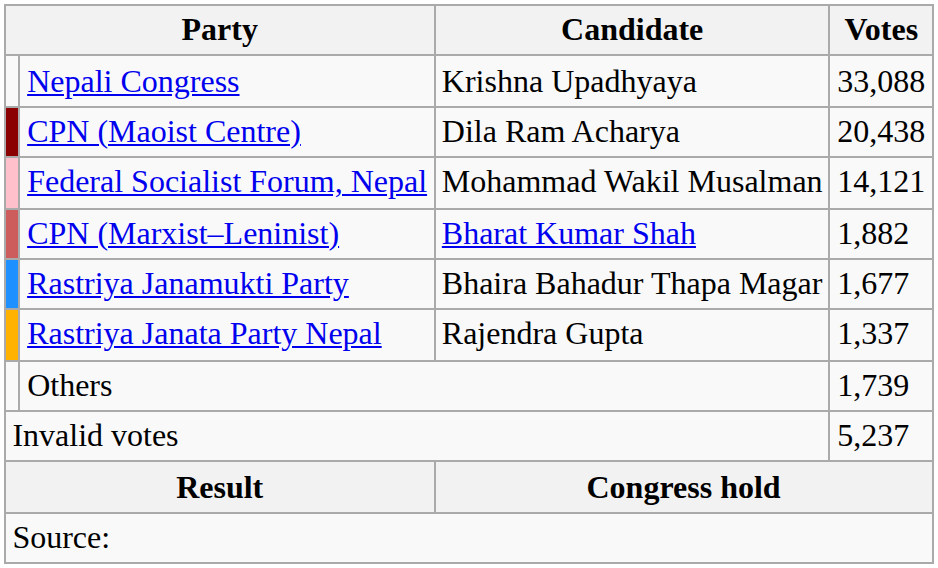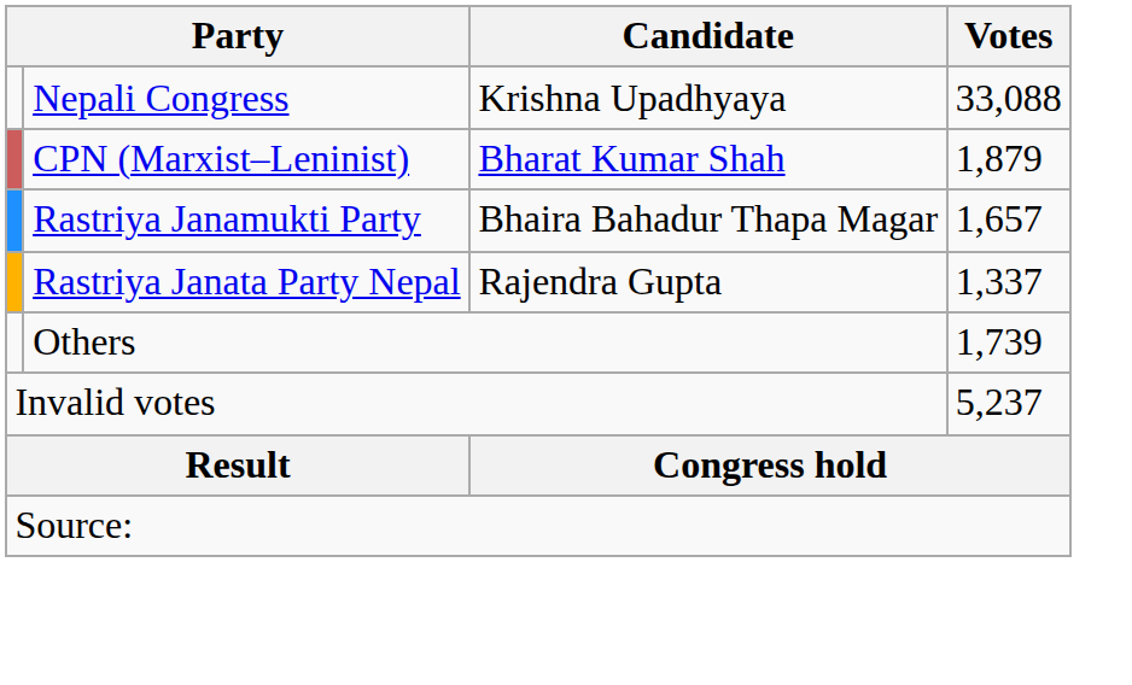 <table class="wikitable">
 <tr>
 <th colspan="2">Party</th>
 <th>Candidate</th>
 <th>Votes</th>
 </tr>
 <tr>
 <td style="background-color:"></td>
 <td><a href='#'>Nepali Congress</a></td>
 <td>Krishna Upadhyaya</td>
 <td>33,088</td>
 </tr>
 <tr>
-<td style="background-color:darkred"></td>
-<td><a href='#'>CPN (Maoist Centre)</a></td>
-<td>Dila Ram Acharya</td>
-<td>20,438</td>
-</tr>
-<tr>
-<td style="background-color:pink"></td>
-<td><a href='#'>Federal Socialist Forum, Nepal</a></td>
-<td>Mohammad Wakil Musalman</td>
-<td>14,121</td>
-</tr>
-<tr>
 <td style="background-color:indianred"></td>
 <td><a href='#'>CPN (Marxist–Leninist)</a></td>
 <td><a href='#'>Bharat Kumar Shah</a></td>
-<td>1,882</td>
+<td>1,879</td>
 </tr>
 <tr>
 <td style="background-color:dodgerblue"></td>
 <td><a href='#'>Rastriya Janamukti Party</a></td>
 <td>Bhaira Bahadur Thapa Magar</td>
-<td>1,677</td>
+<td>1,657</td>
 </tr>
 <tr>
 <td style="background-color:#ffb300"></td>
 <td><a href='#'>Rastriya Janata Party Nepal</a></td>
 <td>Rajendra Gupta</td>
 <td>1,337</td>
 </tr>
 <tr>
 <td></td>
 <td colspan="2">Others</td>
 <td>1,739</td>
 </tr>
 <tr>
 <td colspan="3">Invalid votes</td>
 <td>5,237</td>
 </tr>
 <tr>
 <th colspan="2">Result</th>
 <th colspan="2">Congress hold</th>
 </tr>
 <tr>
 <td colspan="4">Source: </td>
 </tr>
 </table>
